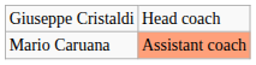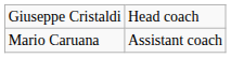 <table class="wikitable">
 <tr>
 <td> Giuseppe Cristaldi</td>
 <td>Head coach</td>
 </tr>
 <tr>
 <td> Mario Caruana</td>
-<td style="background: lightsalmon;">Assistant coach</td>
+<td>Assistant coach</td>
 </tr>
 </table>
